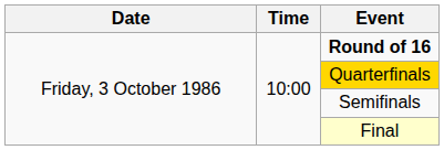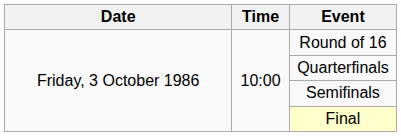 <table class = "wikitable" style="text-align:center;">
 <tr>
 <th width=220>Date</th>
 <th width=50>Time</th>
 <th width=100>Event</th>
 </tr>
 <tr>
 <td rowspan=4>Friday, 3 October 1986</td>
 <td rowspan=4>10:00</td>
-<td><strong>Round of 16</strong></td>
+<td>Round of 16</td>
 </tr>
 <tr>
-<td style="background: gold;">Quarterfinals</td>
+<td>Quarterfinals</td>
 </tr>
 <tr>
 <td>Semifinals</td>
 </tr>
 <tr>
 <td bgcolor=ffffcc>Final</td>
 </tr>
 </table>
